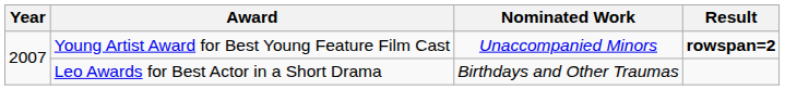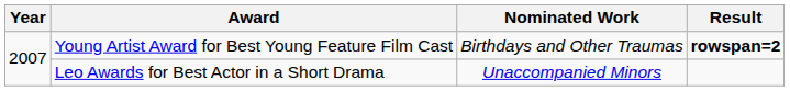 <table class="wikitable sortable">
 <tr>
 <th>Year</th>
 <th>Award</th>
 <th>Nominated Work</th>
 <th>Result</th>
 </tr>
 <tr>
 <td rowspan=2 align="center">2007</td>
 <td><a href='#'>Young Artist Award</a> for Best Young Feature Film Cast</td>
-<td align="center"><em><a href='#'>Unaccompanied Minors</a></em></td>
+<td align="center"><em>Birthdays and Other Traumas</em></td>
 <td><strong>rowspan=2 </strong></td>
 </tr>
 <tr>
 <td><a href='#'>Leo Awards</a> for Best Actor in a Short Drama</td>
-<td align="center"><em>Birthdays and Other Traumas</em></td>
+<td align="center"><em><a href='#'>Unaccompanied Minors</a></em></td>
 </tr>
 </table>
